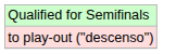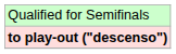 <table class="wikitable">
 <tr width=10px bgcolor="#ccffcc">
 <td>Qualified for Semifinals</td>
 </tr>
 <tr width=10px bgcolor="#ffdddd">
-<td>to play-out ("descenso")</td>
+<td><strong>to play-out ("descenso")</strong></td>
 </tr>
 <tr>
 </tr>
 </table>
